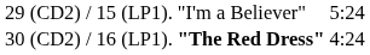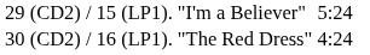 <table style="background: transparent; margin: auto auto auto 2em ">
 <tr>
 <td align="right">29 (CD2) / 15 (LP1).</td>
 <td>"I'm a Believer"</td>
 <td>5:24</td>
 </tr>
 <tr>
 <td align="right">30 (CD2) / 16 (LP1).</td>
-<td><strong>"The Red Dress"</strong></td>
+<td>"The Red Dress"</td>
 <td>4:24</td>
 </tr>
 <tr>
 </tr>
 </table>
